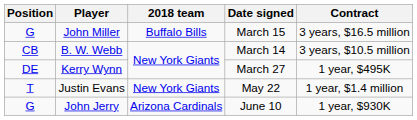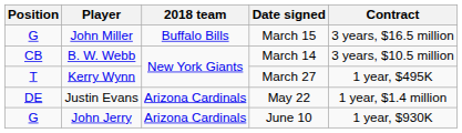 <table class="wikitable" style="text-align:center">
 <tr>
 <th>Position</th>
 <th>Player</th>
 <th>2018 team</th>
 <th>Date signed</th>
 <th>Contract</th>
 </tr>
 <tr>
 <td><a href='#'>G</a></td>
 <td><a href='#'>John Miller</a></td>
 <td><a href='#'>Buffalo Bills</a></td>
 <td>March 15</td>
 <td>3 years, $16.5 million</td>
 </tr>
 <tr>
 <td><a href='#'>CB</a></td>
 <td><a href='#'>B. W. Webb</a></td>
 <td rowspan="2"><a href='#'>New York Giants</a></td>
 <td>March 14</td>
 <td>3 years, $10.5 million</td>
 </tr>
 <tr>
-<td><a href='#'>DE</a></td>
+<td><a href='#'>T</a></td>
 <td><a href='#'>Kerry Wynn</a></td>
 <td>March 27</td>
 <td>1 year, $495K</td>
 </tr>
 <tr>
-<td><a href='#'>T</a></td>
+<td><a href='#'>DE</a></td>
 <td>Justin Evans</td>
-<td><a href='#'>New York Giants</a></td>
+<td><a href='#'>Arizona Cardinals</a></td>
 <td>May 22</td>
 <td>1 year, $1.4 million</td>
 </tr>
 <tr>
 <td><a href='#'>G</a></td>
 <td><a href='#'>John Jerry</a></td>
 <td><a href='#'>Arizona Cardinals</a></td>
 <td>June 10</td>
 <td>1 year, $930K</td>
 </tr>
 </table>
